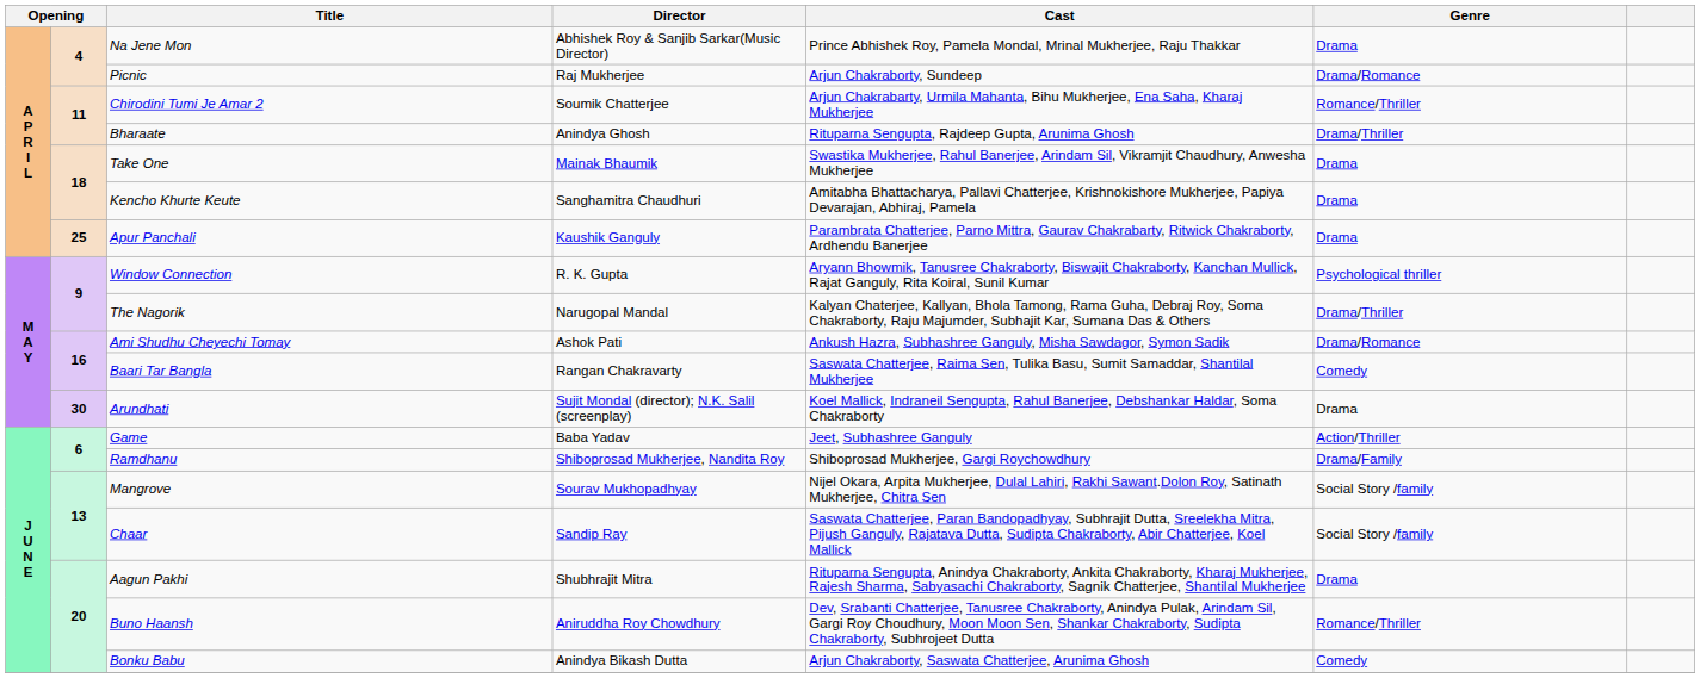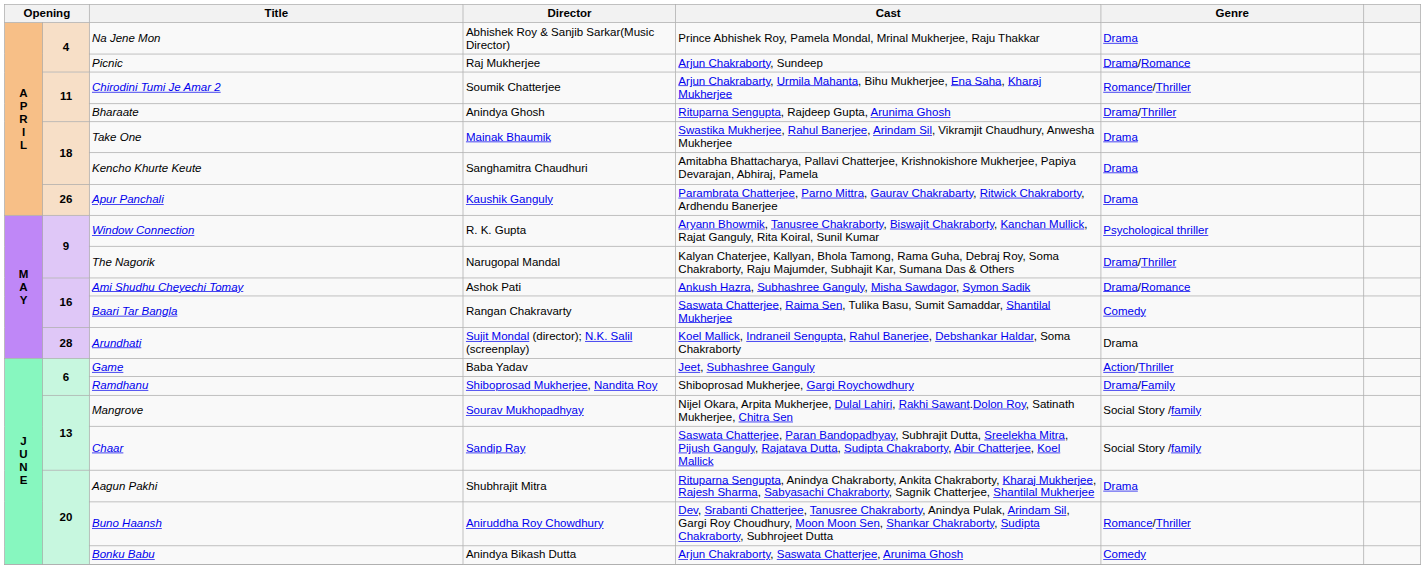 <table class="wikitable sortable">
 <tr>
 <th colspan="2" style="width:6%;">Opening</th>
 <th>Title</th>
 <th style="width:15%;">Director</th>
 <th style="width:30%;">Cast</th>
 <th>Genre</th>
 <th style="width:4%;"></th>
 </tr>
 <tr>
 <td rowspan="7" style="text-align:center; background:#f7bf87;"><strong>A<br>P<br>R<br>I<br>L</strong></td>
 <td rowspan="2" style="text-align:center; background:#f7dfc7; textcolor:#000;"><strong>4</strong></td>
 <td><em>Na Jene Mon</em></td>
 <td>Abhishek Roy & Sanjib Sarkar(Music Director)</td>
 <td>Prince Abhishek Roy, Pamela Mondal, Mrinal Mukherjee, Raju Thakkar</td>
 <td><a href='#'>Drama</a></td>
 <td></td>
 </tr>
 <tr>
 <td><em>Picnic</em></td>
 <td>Raj Mukherjee</td>
 <td><a href='#'>Arjun Chakraborty</a>, Sundeep</td>
 <td><a href='#'>Drama</a>/<a href='#'>Romance</a></td>
 <td></td>
 </tr>
 <tr>
 <td rowspan="2" style="text-align:center; background:#f7dfc7; textcolor:#000;"><strong>11</strong></td>
 <td><em><a href='#'>Chirodini Tumi Je Amar 2</a></em></td>
 <td>Soumik Chatterjee</td>
 <td><a href='#'>Arjun Chakrabarty</a>, <a href='#'>Urmila Mahanta</a>, Bihu Mukherjee, <a href='#'>Ena Saha</a>, <a href='#'>Kharaj Mukherjee</a></td>
 <td><a href='#'>Romance</a>/<a href='#'>Thriller</a></td>
 <td></td>
 </tr>
 <tr>
 <td><em>Bharaate</em></td>
 <td>Anindya Ghosh</td>
 <td><a href='#'>Rituparna Sengupta</a>, Rajdeep Gupta, <a href='#'>Arunima Ghosh</a></td>
 <td><a href='#'>Drama</a>/<a href='#'>Thriller</a></td>
 <td></td>
 </tr>
 <tr>
 <td rowspan="2" style="text-align:center; background:#f7dfc7; textcolor:#000;"><strong>18</strong></td>
 <td><em>Take One</em></td>
 <td><a href='#'>Mainak Bhaumik</a></td>
 <td><a href='#'>Swastika Mukherjee</a>, <a href='#'>Rahul Banerjee</a>, <a href='#'>Arindam Sil</a>, Vikramjit Chaudhury, Anwesha Mukherjee</td>
 <td><a href='#'>Drama</a></td>
 <td></td>
 </tr>
 <tr>
 <td><em>Kencho Khurte Keute</em></td>
 <td>Sanghamitra Chaudhuri</td>
 <td>Amitabha Bhattacharya, Pallavi Chatterjee, Krishnokishore Mukherjee, Papiya Devarajan, Abhiraj, Pamela</td>
 <td><a href='#'>Drama</a></td>
 <td></td>
 </tr>
 <tr>
-<td rowspan="1" style="text-align:center; background:#f7dfc7; textcolor:#000;"><strong>25</strong></td>
+<td rowspan="1" style="text-align:center; background:#f7dfc7; textcolor:#000;"><strong>26</strong></td>
 <td><em><a href='#'>Apur Panchali</a></em></td>
 <td><a href='#'>Kaushik Ganguly</a></td>
 <td><a href='#'>Parambrata Chatterjee</a>, <a href='#'>Parno Mittra</a>, <a href='#'>Gaurav Chakrabarty</a>, <a href='#'>Ritwick Chakraborty</a>, Ardhendu Banerjee</td>
 <td><a href='#'>Drama</a></td>
 <td></td>
 </tr>
 <tr>
 <th rowspan="5" style="text-align:center; background:#bf87f7;">M<br>A<br>Y</th>
 <td rowspan="2"style="text-align:center; background:#dfc7f7;"><strong>9</strong></td>
 <td><em><a href='#'>Window Connection</a></em></td>
 <td>R. K. Gupta</td>
 <td><a href='#'>Aryann Bhowmik</a>, <a href='#'>Tanusree Chakraborty</a>, <a href='#'>Biswajit Chakraborty</a>, <a href='#'>Kanchan Mullick</a>, Rajat Ganguly, Rita Koiral, Sunil Kumar</td>
 <td><a href='#'>Psychological thriller</a></td>
 <td></td>
 </tr>
 <tr>
 <td><em>The Nagorik</em></td>
 <td>Narugopal Mandal</td>
 <td>Kalyan Chaterjee, Kallyan, Bhola Tamong, Rama Guha, Debraj Roy, Soma Chakraborty, Raju Majumder, Subhajit Kar, Sumana Das & Others</td>
 <td><a href='#'>Drama</a>/<a href='#'>Thriller</a></td>
 <td></td>
 </tr>
 <tr>
 <td rowspan="2" style="text-align:center; background:#dfc7f7;"><strong>16</strong></td>
 <td><em><a href='#'>Ami Shudhu Cheyechi Tomay</a></em></td>
 <td>Ashok Pati</td>
 <td><a href='#'>Ankush Hazra</a>, <a href='#'>Subhashree Ganguly</a>, <a href='#'>Misha Sawdagor</a>, <a href='#'>Symon Sadik</a></td>
 <td><a href='#'>Drama</a>/<a href='#'>Romance</a></td>
 <td></td>
 </tr>
 <tr>
 <td><em><a href='#'>Baari Tar Bangla</a></em></td>
 <td>Rangan Chakravarty</td>
 <td><a href='#'>Saswata Chatterjee</a>, <a href='#'>Raima Sen</a>, Tulika Basu, Sumit Samaddar, <a href='#'>Shantilal Mukherjee</a></td>
 <td><a href='#'>Comedy</a></td>
 <td></td>
 </tr>
 <tr>
-<td rowspan="1" style="text-align:center; background:#dfc7f7;"><strong>30</strong></td>
+<td rowspan="1" style="text-align:center; background:#dfc7f7;"><strong>28</strong></td>
 <td><em><a href='#'>Arundhati</a></em></td>
 <td><a href='#'>Sujit Mondal</a> (director); <a href='#'>N.K. Salil</a> (screenplay)</td>
 <td><a href='#'>Koel Mallick</a>, <a href='#'>Indraneil Sengupta</a>, <a href='#'>Rahul Banerjee</a>, <a href='#'>Debshankar Haldar</a>, Soma Chakraborty</td>
 <td>Drama</td>
 <td></td>
 </tr>
 <tr>
 <td rowspan="7" style="text-align:center; background:#87f7bf;"><strong>J<br>U<br>N<br>E</strong></td>
 <td rowspan="2" style="text-align:center; background:#c7f7df; textcolor:#000;"><strong>6</strong></td>
 <td><em><a href='#'>Game</a></em></td>
 <td>Baba Yadav</td>
 <td><a href='#'>Jeet</a>, <a href='#'>Subhashree Ganguly</a></td>
 <td><a href='#'>Action</a>/<a href='#'>Thriller</a></td>
 <td></td>
 </tr>
 <tr>
 <td><em><a href='#'>Ramdhanu</a></em></td>
 <td><a href='#'>Shiboprosad Mukherjee</a>, <a href='#'>Nandita Roy</a></td>
 <td>Shiboprosad Mukherjee, <a href='#'>Gargi Roychowdhury</a></td>
 <td><a href='#'>Drama</a>/<a href='#'>Family</a></td>
 <td></td>
 </tr>
 <tr>
 <td rowspan="2" style="text-align:center; background:#c7f7df; textcolor:#000;"><strong>13</strong></td>
 <td><em>Mangrove</em></td>
 <td><a href='#'>Sourav Mukhopadhyay</a></td>
 <td>Nijel Okara, Arpita Mukherjee, <a href='#'>Dulal Lahiri</a>, <a href='#'>Rakhi Sawant</a>.<a href='#'>Dolon Roy</a>, Satinath Mukherjee, <a href='#'>Chitra Sen</a></td>
 <td>Social Story /<a href='#'>family</a></td>
 <td></td>
 </tr>
 <tr>
 <td><em><a href='#'>Chaar</a></em></td>
 <td><a href='#'>Sandip Ray</a></td>
 <td><a href='#'>Saswata Chatterjee</a>, <a href='#'>Paran Bandopadhyay</a>, Subhrajit Dutta, <a href='#'>Sreelekha Mitra</a>, <a href='#'>Pijush Ganguly</a>, <a href='#'>Rajatava Dutta</a>, <a href='#'>Sudipta Chakraborty</a>, <a href='#'>Abir Chatterjee</a>, <a href='#'>Koel Mallick</a></td>
 <td>Social Story /<a href='#'>family</a></td>
 <td></td>
 </tr>
 <tr>
 <td rowspan="3" style="text-align:center; background:#c7f7df; textcolor:#000;"><strong>20</strong></td>
 <td><em>Aagun Pakhi</em></td>
 <td>Shubhrajit Mitra</td>
 <td><a href='#'>Rituparna Sengupta</a>, Anindya Chakraborty, Ankita Chakraborty, <a href='#'>Kharaj Mukherjee</a>, <a href='#'>Rajesh Sharma</a>, <a href='#'>Sabyasachi Chakraborty</a>, Sagnik Chatterjee, <a href='#'>Shantilal Mukherjee</a></td>
 <td><a href='#'>Drama</a></td>
 <td></td>
 </tr>
 <tr>
 <td><em><a href='#'>Buno Haansh</a></em></td>
 <td><a href='#'>Aniruddha Roy Chowdhury</a></td>
 <td><a href='#'>Dev</a>, <a href='#'>Srabanti Chatterjee</a>, <a href='#'>Tanusree Chakraborty</a>, Anindya Pulak, <a href='#'>Arindam Sil</a>, Gargi Roy Choudhury, <a href='#'>Moon Moon Sen</a>, <a href='#'>Shankar Chakraborty</a>, <a href='#'>Sudipta Chakraborty</a>, Subhrojeet Dutta</td>
 <td><a href='#'>Romance</a>/<a href='#'>Thriller</a></td>
 <td></td>
 </tr>
 <tr>
 <td><em><a href='#'>Bonku Babu</a></em></td>
 <td>Anindya Bikash Dutta</td>
 <td><a href='#'>Arjun Chakraborty</a>, <a href='#'>Saswata Chatterjee</a>, <a href='#'>Arunima Ghosh</a></td>
 <td><a href='#'>Comedy</a></td>
 <td></td>
 </tr>
 <tr>
 </tr>
 </table>
